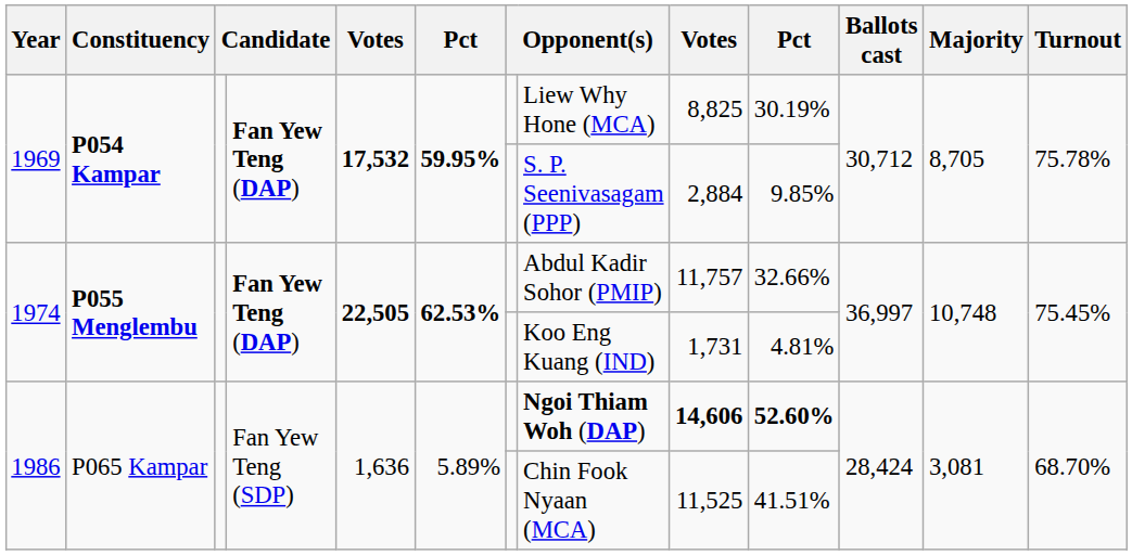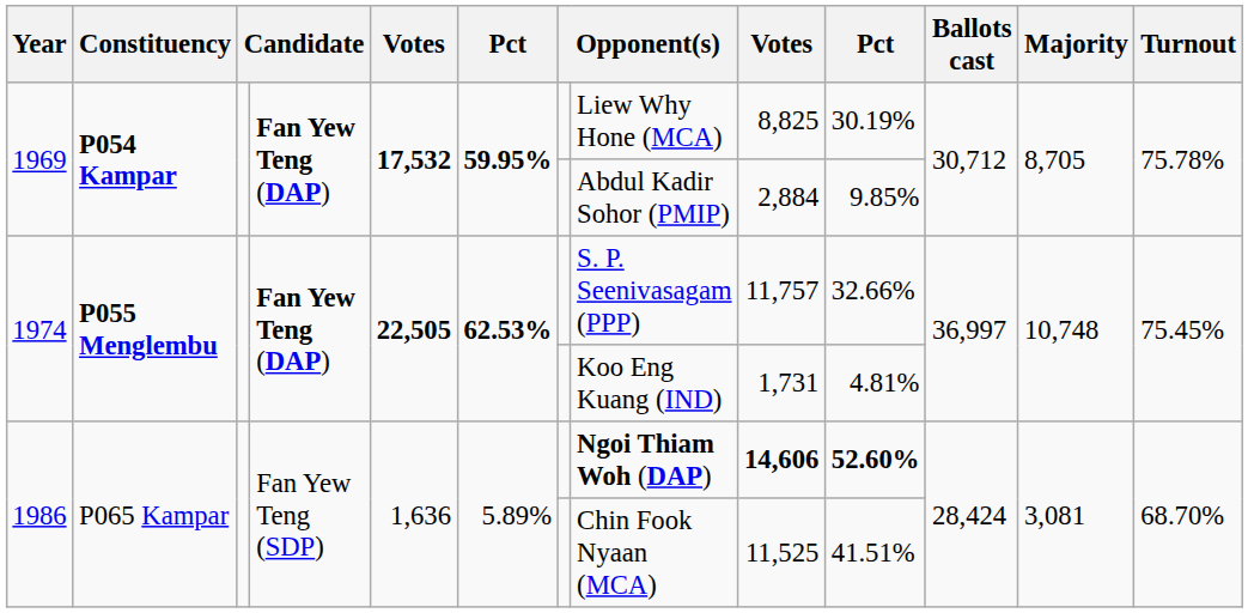 <table class="wikitable" style="margin:0.5em ; font-size:95%">
 <tr>
 <th>Year</th>
 <th>Constituency</th>
 <th colspan=2>Candidate</th>
 <th>Votes</th>
 <th>Pct</th>
 <th colspan=2>Opponent(s)</th>
 <th>Votes</th>
 <th>Pct</th>
 <th>Ballots cast</th>
 <th>Majority</th>
 <th>Turnout</th>
 </tr>
 <tr>
 <td rowspan=2><a href='#'>1969</a></td>
 <td rowspan=2><strong>P054 <a href='#'>Kampar</a></strong></td>
 <td rowspan=2 ></td>
 <td rowspan=2><strong>Fan Yew Teng</strong> (<a href='#'><strong>DAP</strong></a>)</td>
 <td rowspan=2 align=right><strong>17,532</strong></td>
 <td rowspan=2><strong>59.95%</strong></td>
 <td></td>
 <td>Liew Why Hone (<a href='#'>MCA</a>)</td>
 <td align=right>8,825</td>
 <td>30.19%</td>
 <td rowspan=2>30,712</td>
 <td rowspan=2>8,705</td>
 <td rowspan=2>75.78%</td>
 </tr>
 <tr>
 <td></td>
-<td><a href='#'>S. P. Seenivasagam</a> (<a href='#'>PPP</a>)</td>
+<td>Abdul Kadir Sohor (<a href='#'>PMIP</a>)</td>
 <td align=right>2,884</td>
 <td align=right>9.85%</td>
 </tr>
 <tr>
 <td rowspan=2><a href='#'>1974</a></td>
 <td rowspan=2><strong>P055 <a href='#'>Menglembu</a></strong></td>
 <td rowspan=2 ></td>
 <td rowspan=2><strong>Fan Yew Teng</strong> (<a href='#'><strong>DAP</strong></a>)</td>
 <td rowspan=2 align=right><strong>22,505</strong></td>
 <td rowspan=2><strong>62.53%</strong></td>
 <td></td>
-<td>Abdul Kadir Sohor (<a href='#'>PMIP</a>)</td>
+<td><a href='#'>S. P. Seenivasagam</a> (<a href='#'>PPP</a>)</td>
 <td align=right>11,757</td>
 <td>32.66%</td>
 <td rowspan=2>36,997</td>
 <td rowspan=2>10,748</td>
 <td rowspan=2>75.45%</td>
 </tr>
 <tr>
 <td></td>
 <td>Koo Eng Kuang (<a href='#'>IND</a>)</td>
 <td align=right>1,731</td>
 <td align=right>4.81%</td>
 </tr>
 <tr>
 <td rowspan=2><a href='#'>1986</a></td>
 <td rowspan=2>P065 <a href='#'>Kampar</a></td>
 <td rowspan=2 bgcolor=></td>
 <td rowspan=2>Fan Yew Teng (<a href='#'>SDP</a>)</td>
 <td rowspan=2 align=right>1,636</td>
 <td rowspan=2 align=right>5.89%</td>
 <td></td>
 <td><strong>Ngoi Thiam Woh</strong> (<a href='#'><strong>DAP</strong></a>)</td>
 <td align=right><strong>14,606</strong></td>
 <td><strong>52.60%</strong></td>
 <td rowspan=2>28,424</td>
 <td rowspan=2>3,081</td>
 <td rowspan=2>68.70%</td>
 </tr>
 <tr>
 <td></td>
 <td>Chin Fook Nyaan (<a href='#'>MCA</a>)</td>
 <td align=right>11,525</td>
 <td>41.51%</td>
 </tr>
 </table>
